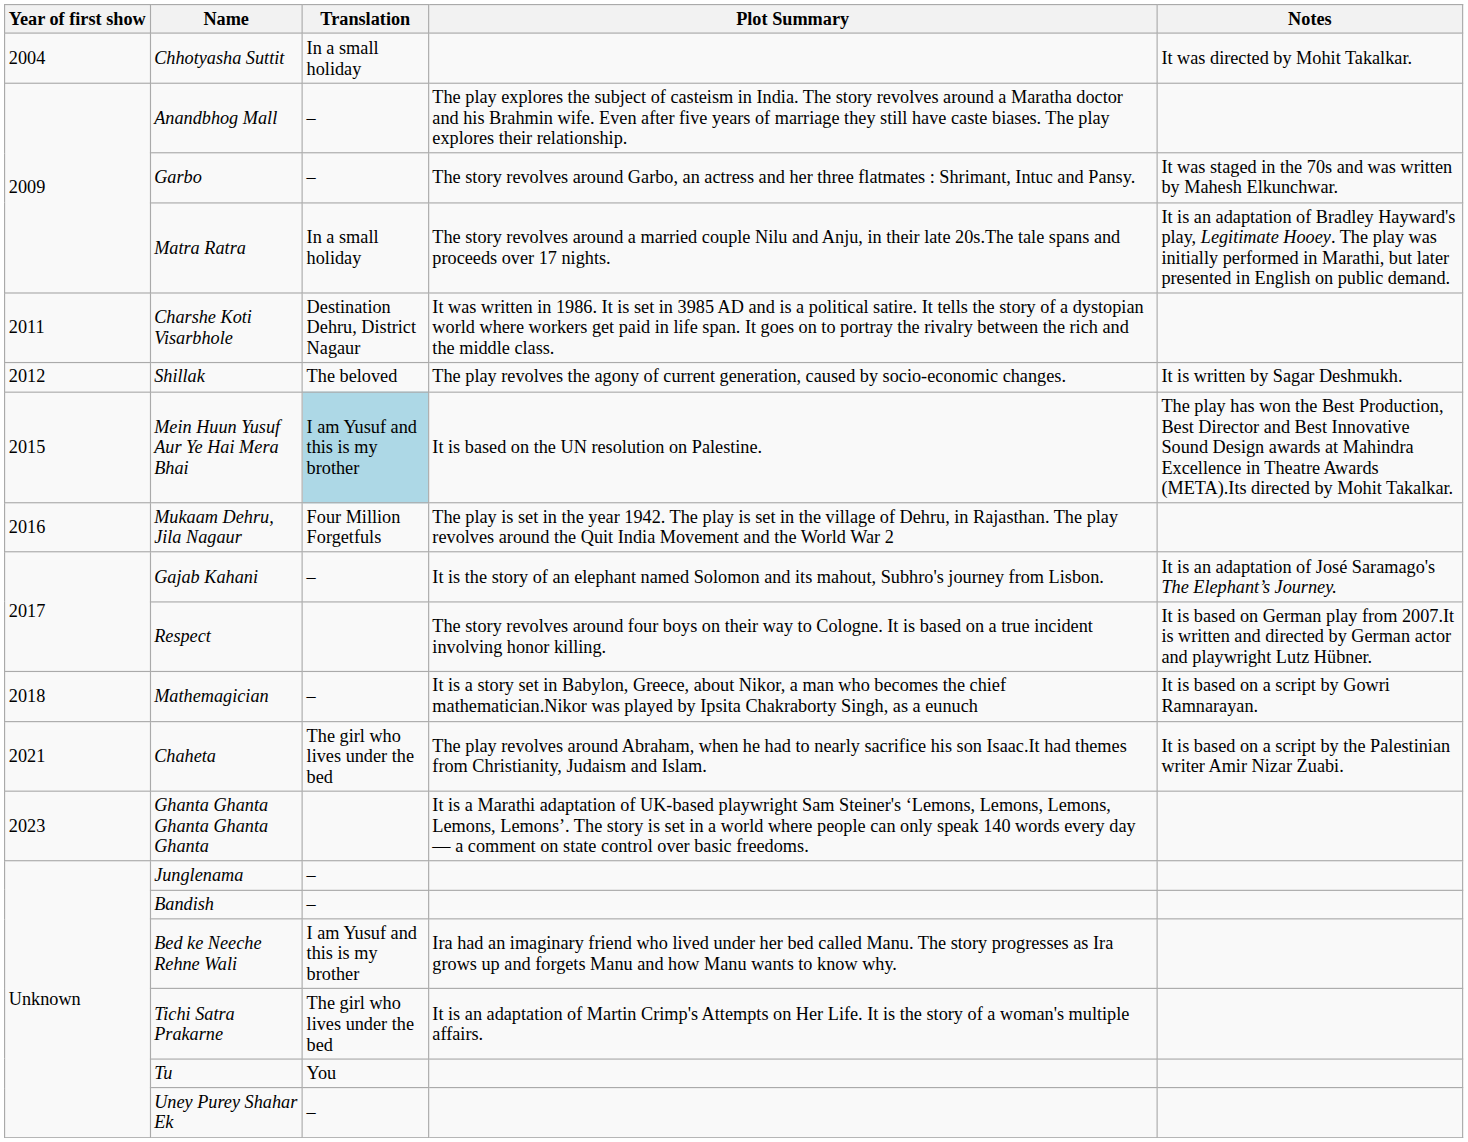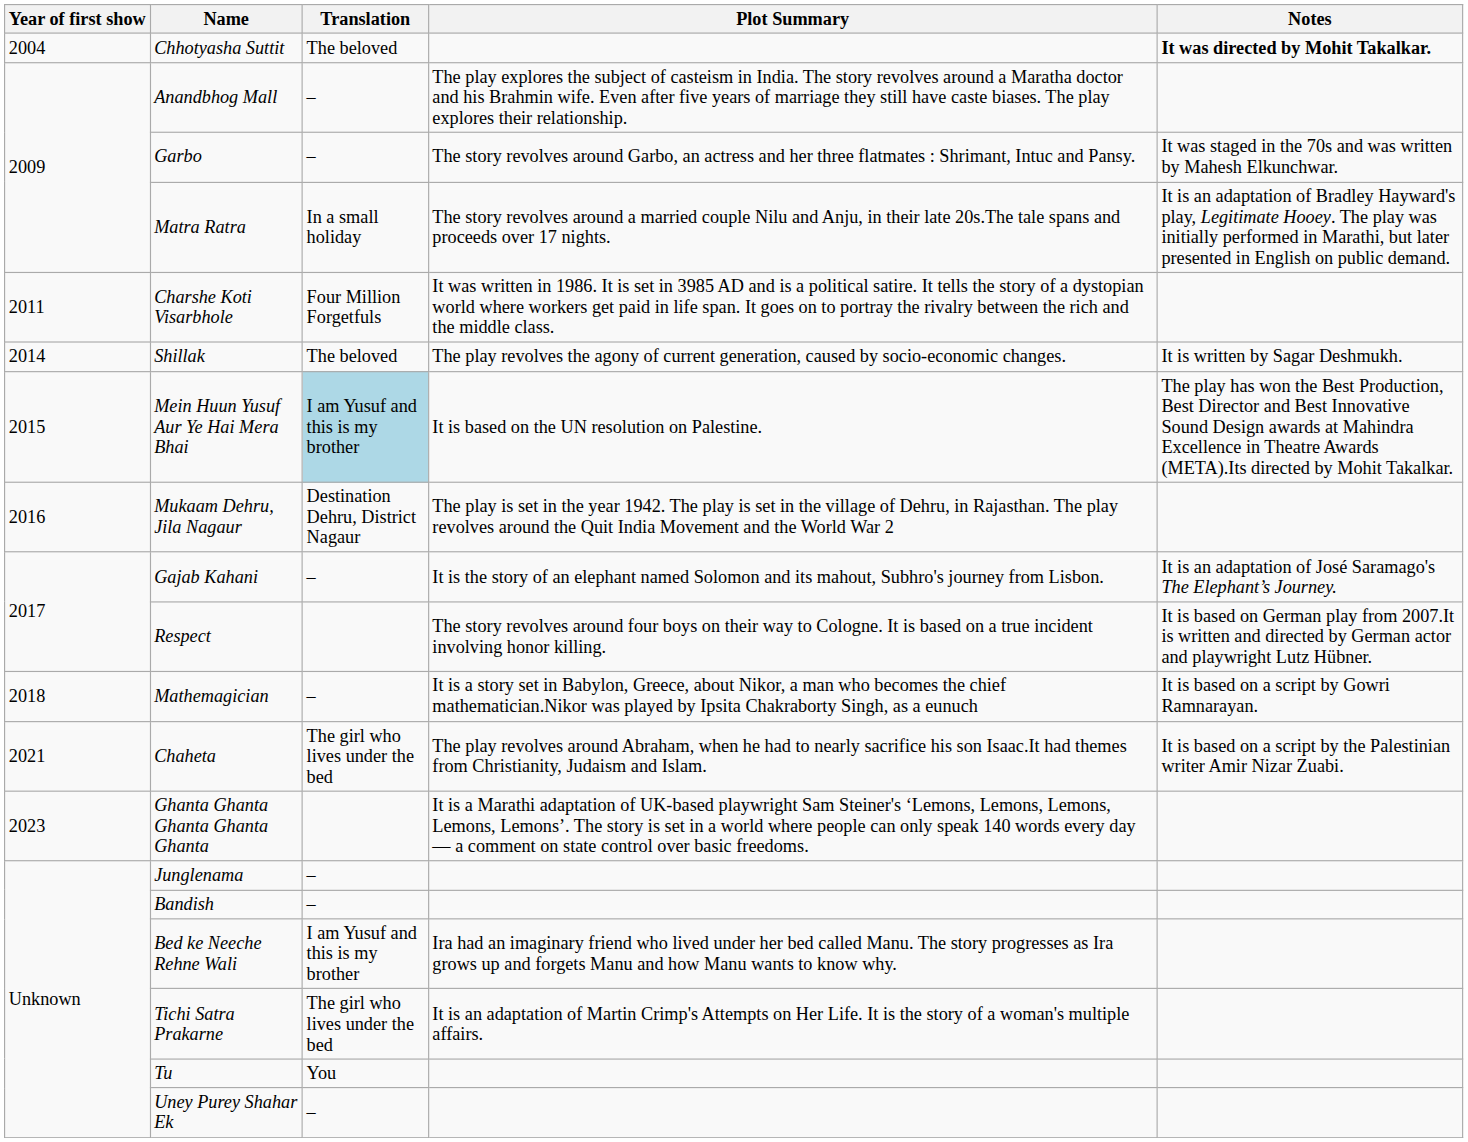 <table class="wikitable sortable" style="width : 80em;">
 <tr>
 <th style="white-space: nowrap;">Year of first show</th>
 <th style="white-space: nowrap;">Name</th>
 <th style="align-content: center;">Translation</th>
 <th style="width: 50%;">Plot Summary</th>
 <th>Notes</th>
 </tr>
 <tr>
 <td>2004</td>
 <td><em>Chhotyasha Suttit</em></td>
-<td>In a small holiday</td>
+<td>The beloved</td>
 <td></td>
-<td>It was directed by Mohit Takalkar.</td>
+<td><strong>It was directed by Mohit Takalkar.</strong></td>
 </tr>
 <tr>
 <td rowspan=3>2009</td>
 <td><em>Anandbhog Mall</em></td>
 <td>–</td>
 <td>The play explores the subject of casteism in India. The story revolves around a Maratha doctor and his Brahmin wife. Even after five years of marriage they still have caste biases. The play explores their relationship.</td>
 <td></td>
 </tr>
 <tr>
 <td><em>Garbo</em></td>
 <td>–</td>
 <td>The story revolves around Garbo, an actress and her three flatmates : Shrimant, Intuc and Pansy.</td>
 <td>It was staged in the 70s and was written by Mahesh Elkunchwar.</td>
 </tr>
 <tr>
 <td><em>Matra Ratra</em></td>
 <td>In a small holiday</td>
 <td>The story revolves around a married couple Nilu and Anju, in their late 20s.The tale spans and proceeds over 17 nights.</td>
 <td>It is an adaptation of Bradley Hayward's play, <em>Legitimate Hooey</em>. The play was initially performed in Marathi, but later presented in English on public demand.<br></td>
 </tr>
 <tr>
 <td>2011</td>
 <td><em>Charshe Koti Visarbhole</em></td>
-<td>Destination Dehru, District Nagaur</td>
+<td>Four Million Forgetfuls</td>
 <td>It was written in 1986. It is set in 3985 AD and is a political satire. It tells the story of a dystopian world where workers get paid in life span. It goes on to portray the rivalry between the rich and the middle class.</td>
 <td></td>
 </tr>
 <tr>
-<td>2012</td>
+<td>2014</td>
 <td><em>Shillak</em></td>
 <td>The beloved</td>
 <td>The play revolves the agony of current generation, caused by socio-economic changes.</td>
 <td>It is written by Sagar Deshmukh.</td>
 </tr>
 <tr>
 <td>2015</td>
 <td><em>Mein Huun Yusuf Aur Ye Hai Mera Bhai</em></td>
 <td style="background: lightblue;">I am Yusuf and this is my brother</td>
 <td>It is based on the UN resolution on Palestine.</td>
 <td>The play has won the Best Production, Best Director and Best Innovative Sound Design awards at Mahindra Excellence in Theatre Awards (META).Its directed by Mohit Takalkar.</td>
 </tr>
 <tr>
 <td>2016</td>
 <td><em>Mukaam Dehru, Jila Nagaur</em></td>
-<td>Four Million Forgetfuls</td>
+<td>Destination Dehru, District Nagaur</td>
 <td>The play is set in the year 1942. The play is set in the village of Dehru, in Rajasthan. The play revolves around the Quit India Movement and the World War 2</td>
 <td></td>
 </tr>
 <tr>
 <td rowspan=2>2017</td>
 <td><em>Gajab Kahani</em></td>
 <td>–</td>
 <td>It is the story of an elephant named Solomon and its mahout, Subhro's journey from Lisbon.</td>
 <td>It is an adaptation of José Saramago's <em>The Elephant’s Journey.</em></td>
 </tr>
 <tr>
 <td><em>Respect</em></td>
 <td></td>
 <td>The story revolves around four boys on their way to Cologne. It is based on a true incident involving honor killing.</td>
 <td>It is based on German play from 2007.It is written and directed by German actor and playwright Lutz Hübner.</td>
 </tr>
 <tr>
 <td>2018</td>
 <td><em>Mathemagician</em></td>
 <td>–</td>
 <td>It is a story set in Babylon, Greece, about Nikor, a man who becomes the chief mathematician.Nikor was played by Ipsita Chakraborty Singh, as a eunuch</td>
 <td>It is based on a script by Gowri Ramnarayan.</td>
 </tr>
 <tr>
 <td>2021</td>
 <td><em>Chaheta</em></td>
 <td>The girl who lives under the bed</td>
 <td>The play revolves around Abraham, when he had to nearly sacrifice his son Isaac.It had themes from Christianity, Judaism and Islam.</td>
 <td>It is based on a script by the Palestinian writer Amir Nizar Zuabi.</td>
 </tr>
 <tr>
 <td>2023</td>
 <td><em>Ghanta Ghanta Ghanta Ghanta Ghanta</em></td>
 <td></td>
 <td>It is a Marathi adaptation of UK-based playwright Sam Steiner's ‘Lemons, Lemons, Lemons, Lemons, Lemons’. The story is set in a world where people can only speak 140 words every day — a comment on state control over basic freedoms.</td>
 <td></td>
 </tr>
 <tr>
 <td rowspan="6">Unknown</td>
 <td><em>Junglenama</em></td>
 <td>–</td>
 <td></td>
 <td></td>
 </tr>
 <tr>
 <td><em>Bandish</em></td>
 <td>–</td>
 <td></td>
 <td></td>
 </tr>
 <tr>
 <td><em>Bed ke Neeche Rehne Wali</em></td>
 <td>I am Yusuf and this is my brother</td>
 <td>Ira had an imaginary friend who lived under her bed called Manu. The story progresses as Ira grows up and forgets Manu and how Manu wants to know why.</td>
 <td></td>
 </tr>
 <tr>
 <td><em>Tichi Satra Prakarne</em></td>
 <td>The girl who lives under the bed</td>
 <td>It is an adaptation of Martin Crimp's Attempts on Her Life. It is the story of a woman's multiple affairs.</td>
 <td></td>
 </tr>
 <tr>
 <td><em>Tu</em></td>
 <td>You</td>
 <td></td>
 <td></td>
 </tr>
 <tr>
 <td><em>Uney Purey Shahar Ek</em></td>
 <td>–</td>
 <td></td>
 <td></td>
 </tr>
 </table>
